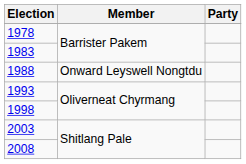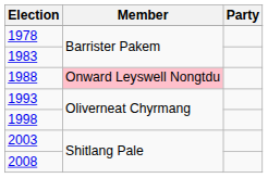 <table class="wikitable sortable">
 <tr>
 <th>Election</th>
 <th>Member</th>
 <th colspan=2>Party</th>
 </tr>
 <tr>
 </tr>
 <tr>
 </tr>
 <tr>
 </tr>
 <tr>
 </tr>
 <tr>
 </tr>
 <tr>
 <td><a href='#'>1978</a></td>
 <td rowspan=2>Barrister Pakem</td>
 <td></td>
 </tr>
 <tr>
 <td><a href='#'>1983</a></td>
 </tr>
 <tr>
 <td><a href='#'>1988</a></td>
-<td>Onward Leyswell Nongtdu</td>
+<td style="background: pink;">Onward Leyswell Nongtdu</td>
 <td></td>
 </tr>
 <tr>
 <td><a href='#'>1993</a></td>
 <td rowspan=2>Oliverneat Chyrmang</td>
 <td></td>
 </tr>
 <tr>
 <td><a href='#'>1998</a></td>
 <td></td>
 </tr>
 <tr>
 <td><a href='#'>2003</a></td>
 <td rowspan=2>Shitlang Pale</td>
 <td></td>
 </tr>
 <tr>
 <td><a href='#'>2008</a></td>
 </tr>
 </table>
